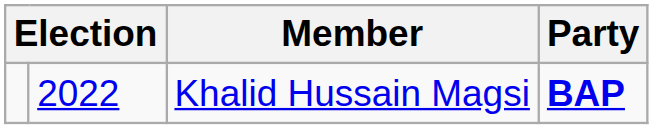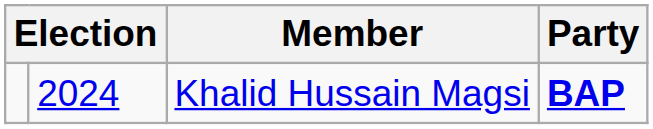 <table class="wikitable">
 <tr>
 <th colspan="2">Election</th>
 <th>Member</th>
 <th>Party</th>
 </tr>
 <tr>
 <td style="background-color: "></td>
-<td><a href='#'>2022</a></td>
+<td><a href='#'>2024</a></td>
 <td><a href='#'>Khalid Hussain Magsi</a></td>
 <td><strong><a href='#'>BAP</a></strong></td>
 </tr>
 </table>
